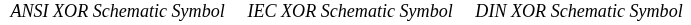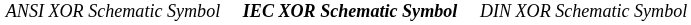 <table style="margin:auto; text-align:center;">
 <tr>
 <td></td>
 <td></td>
 <td></td>
 <td></td>
 <td></td>
 </tr>
 <tr>
 <td><em>ANSI XOR Schematic Symbol</em>   </td>
 <td></td>
-<td><em>IEC XOR Schematic Symbol</em>   </td>
+<td><strong><em>IEC XOR Schematic Symbol</em>   </strong></td>
 <td></td>
 <td><em>DIN XOR Schematic Symbol</em></td>
 </tr>
 </table>
